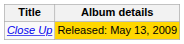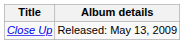 <table class="wikitable">
 <tr>
 <th>Title</th>
 <th>Album details</th>
 </tr>
 <tr>
 <td><em><a href='#'>Close Up</a></em></td>
-<td style="background: gold;">Released: May 13, 2009</td>
+<td>Released: May 13, 2009</td>
 </tr>
 </table>
